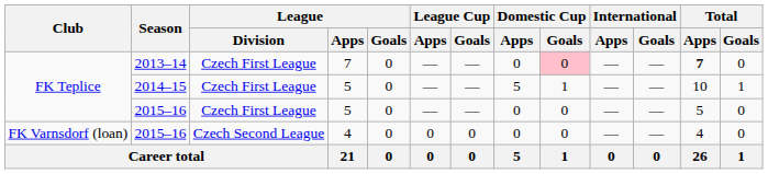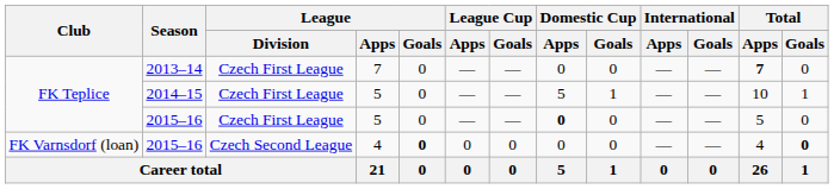 <table class="wikitable" style="text-align: center;">
 <tr>
 <th rowspan="2">Club</th>
 <th rowspan="2">Season</th>
 <th colspan="3">League</th>
 <th colspan="2">League Cup</th>
 <th colspan="2">Domestic Cup</th>
 <th colspan="2">International</th>
 <th colspan="2">Total</th>
 </tr>
 <tr>
 <th>Division</th>
 <th>Apps</th>
 <th>Goals</th>
 <th>Apps</th>
 <th>Goals</th>
 <th>Apps</th>
 <th>Goals</th>
 <th>Apps</th>
 <th>Goals</th>
 <th>Apps</th>
 <th>Goals</th>
 </tr>
 <tr>
 <td rowspan="3"><a href='#'>FK Teplice</a></td>
 <td><a href='#'>2013–14</a></td>
 <td><a href='#'>Czech First League</a></td>
 <td>7</td>
 <td>0</td>
 <td>—</td>
 <td>—</td>
 <td>0</td>
-<td style="background: pink;">0</td>
+<td>0</td>
 <td>—</td>
 <td>—</td>
 <td><strong>7</strong></td>
 <td>0</td>
 </tr>
 <tr>
 <td><a href='#'>2014–15</a></td>
 <td><a href='#'>Czech First League</a></td>
 <td>5</td>
 <td>0</td>
 <td>—</td>
 <td>—</td>
 <td>5</td>
 <td>1</td>
 <td>—</td>
 <td>—</td>
 <td>10</td>
 <td>1</td>
 </tr>
 <tr>
 <td><a href='#'>2015–16</a></td>
 <td><a href='#'>Czech First League</a></td>
 <td>5</td>
 <td>0</td>
 <td>—</td>
 <td>—</td>
-<td>0</td>
+<td><strong>0</strong></td>
 <td>0</td>
 <td>—</td>
 <td>—</td>
 <td>5</td>
 <td>0</td>
 </tr>
 <tr>
 <td rowspan="1"><a href='#'>FK Varnsdorf</a> (loan)</td>
 <td><a href='#'>2015–16</a></td>
 <td><a href='#'>Czech Second League</a></td>
 <td>4</td>
-<td>0</td>
+<td><strong>0</strong></td>
 <td>0</td>
 <td>0</td>
 <td>0</td>
 <td>0</td>
 <td>—</td>
 <td>—</td>
 <td>4</td>
-<td>0</td>
+<td><strong>0</strong></td>
 </tr>
 <tr>
 <th colspan="3">Career total</th>
 <th>21</th>
 <th>0</th>
 <th>0</th>
 <th>0</th>
 <th>5</th>
 <th>1</th>
 <th>0</th>
 <th>0</th>
 <th>26</th>
 <th>1</th>
 </tr>
 </table>
